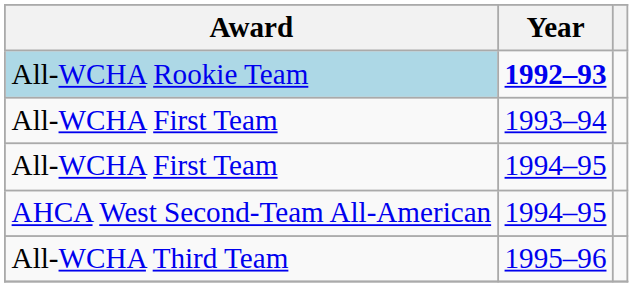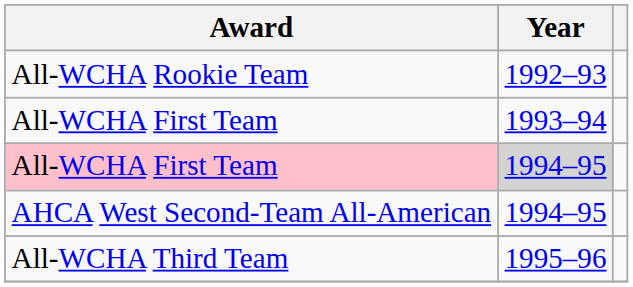 <table class="wikitable">
 <tr>
 <th>Award</th>
 <th>Year</th>
 <th></th>
 </tr>
 <tr>
-<td style="background: lightblue;">All-<a href='#'>WCHA</a> <a href='#'>Rookie Team</a></td>
-<td><strong><a href='#'>1992–93</a></strong></td>
+<td>All-<a href='#'>WCHA</a> <a href='#'>Rookie Team</a></td>
+<td><a href='#'>1992–93</a></td>
 <td></td>
 </tr>
 <tr>
 <td>All-<a href='#'>WCHA</a> <a href='#'>First Team</a></td>
 <td><a href='#'>1993–94</a></td>
 <td></td>
 </tr>
 <tr>
-<td>All-<a href='#'>WCHA</a> <a href='#'>First Team</a></td>
-<td><a href='#'>1994–95</a></td>
+<td style="background: pink;">All-<a href='#'>WCHA</a> <a href='#'>First Team</a></td>
+<td style="background: lightgrey;"><a href='#'>1994–95</a></td>
 <td></td>
 </tr>
 <tr>
 <td><a href='#'>AHCA</a> <a href='#'>West Second-Team All-American</a></td>
 <td><a href='#'>1994–95</a></td>
 <td></td>
 </tr>
 <tr>
 <td>All-<a href='#'>WCHA</a> <a href='#'>Third Team</a></td>
 <td><a href='#'>1995–96</a></td>
 <td></td>
 </tr>
 <tr>
 </tr>
 </table>
